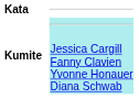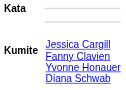 <table>
 <tr>
 <td><strong>Kata</strong></td>
 <td></td>
 <td></td>
 <td><hr></td>
 </tr>
 <tr>
 <td><strong>Kumite</strong></td>
 <td></td>
 <td></td>
-<td style="background: paleturquoise;"><hr><br><a href='#'>Jessica Cargill</a><br><a href='#'>Fanny Clavien</a><br><a href='#'>Yvonne Honauer</a><br><a href='#'>Diana Schwab</a></td>
+<td><hr><br><a href='#'>Jessica Cargill</a><br><a href='#'>Fanny Clavien</a><br><a href='#'>Yvonne Honauer</a><br><a href='#'>Diana Schwab</a></td>
 </tr>
 </table>
